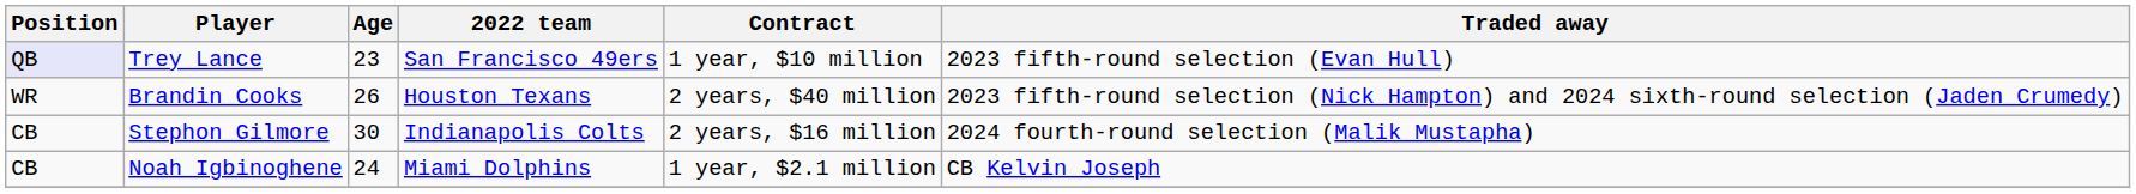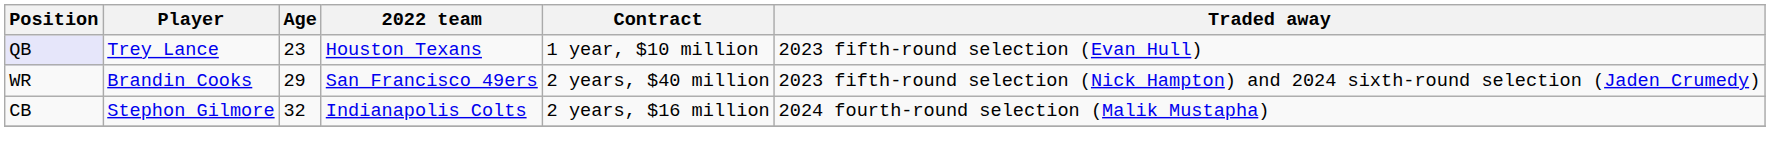 <table class="wikitable">
 <tr>
 <th>Position</th>
 <th>Player</th>
 <th>Age</th>
 <th>2022 team</th>
 <th>Contract</th>
 <th>Traded away</th>
 </tr>
 <tr>
 <td style="background: lavender;">QB</td>
 <td><a href='#'>Trey Lance</a></td>
 <td>23</td>
-<td><a href='#'>San Francisco 49ers</a></td>
+<td><a href='#'>Houston Texans</a></td>
 <td>1 year, $10 million</td>
 <td>2023 fifth-round selection (<a href='#'>Evan Hull</a>)</td>
 </tr>
 <tr>
 <td>WR</td>
 <td><a href='#'>Brandin Cooks</a></td>
-<td>26</td>
-<td><a href='#'>Houston Texans</a></td>
+<td>29</td>
+<td><a href='#'>San Francisco 49ers</a></td>
 <td>2 years, $40 million</td>
 <td>2023 fifth-round selection (<a href='#'>Nick Hampton</a>) and 2024 sixth-round selection (<a href='#'>Jaden Crumedy</a>)</td>
 </tr>
 <tr>
 <td>CB</td>
 <td><a href='#'>Stephon Gilmore</a></td>
-<td>30</td>
+<td>32</td>
 <td><a href='#'>Indianapolis Colts</a></td>
 <td>2 years, $16 million</td>
 <td>2024 fourth-round selection (<a href='#'>Malik Mustapha</a>)</td>
 </tr>
 <tr>
-<td>CB</td>
-<td><a href='#'>Noah Igbinoghene</a></td>
-<td>24</td>
-<td><a href='#'>Miami Dolphins</a></td>
-<td>1 year, $2.1 million</td>
-<td>CB <a href='#'>Kelvin Joseph</a></td>
-</tr>
-<tr>
 </tr>
 </table>
